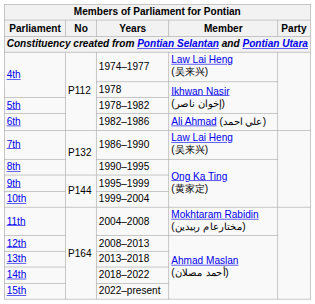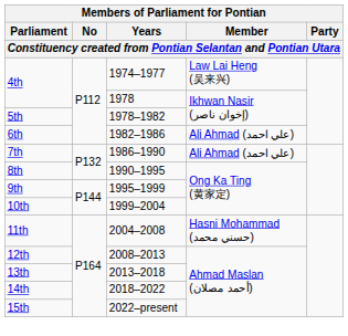 <table class=wikitable>
 <tr>
 <th colspan="5">Members of Parliament for Pontian</th>
 </tr>
 <tr>
 <th>Parliament</th>
 <th>No</th>
 <th>Years</th>
 <th>Member</th>
 <th>Party</th>
 </tr>
 <tr>
 <th colspan="5" align="center"><em>Constituency created from <a href='#'>Pontian Selantan</a> and <a href='#'>Pontian Utara</a></em></th>
 </tr>
 <tr>
 <td rowspan=2><a href='#'>4th</a></td>
 <td rowspan="4">P112</td>
 <td>1974–1977</td>
 <td><a href='#'>Law Lai Heng</a> <br> (吴来兴)</td>
 <td rowspan="4"></td>
 </tr>
 <tr>
 <td>1978</td>
 <td rowspan=2><a href='#'>Ikhwan Nasir</a> <br> (إخوان ناصر)</td>
 </tr>
 <tr>
 <td><a href='#'>5th</a></td>
 <td>1978–1982</td>
 </tr>
 <tr>
 <td><a href='#'>6th</a></td>
 <td>1982–1986</td>
 <td><a href='#'>Ali Ahmad</a> (علي احمد)</td>
 </tr>
 <tr>
 <td><a href='#'>7th</a></td>
 <td rowspan="2">P132</td>
 <td>1986–1990</td>
-<td><a href='#'>Law Lai Heng</a> <br> (吴来兴)</td>
+<td><a href='#'>Ali Ahmad</a> (علي احمد)</td>
 <td rowspan="4"></td>
 </tr>
 <tr>
 <td><a href='#'>8th</a></td>
 <td>1990–1995</td>
 <td rowspan=3><a href='#'>Ong Ka Ting</a> <br> (黄家定)</td>
 </tr>
 <tr>
 <td><a href='#'>9th</a></td>
 <td rowspan="2">P144</td>
 <td>1995–1999</td>
 </tr>
 <tr>
 <td><a href='#'>10th</a></td>
 <td>1999–2004</td>
 </tr>
 <tr>
 <td><a href='#'>11th</a></td>
 <td rowspan="5">P164</td>
 <td>2004–2008</td>
-<td><a href='#'>Mokhtaram Rabidin</a> <br> (مختارعام ربيدين)</td>
+<td><a href='#'>Hasni Mohammad</a> <br> (حسني محمد‎)</td>
 <td rowspan="5"></td>
 </tr>
 <tr>
 <td><a href='#'>12th</a></td>
 <td>2008–2013</td>
 <td rowspan=4><a href='#'>Ahmad Maslan</a> <br> (أحمد مصلان‎)</td>
 </tr>
 <tr>
 <td><a href='#'>13th</a></td>
 <td>2013–2018</td>
 </tr>
 <tr>
 <td><a href='#'>14th</a></td>
 <td>2018–2022</td>
 </tr>
 <tr>
 <td><a href='#'>15th</a></td>
 <td>2022–present</td>
 </tr>
 </table>
